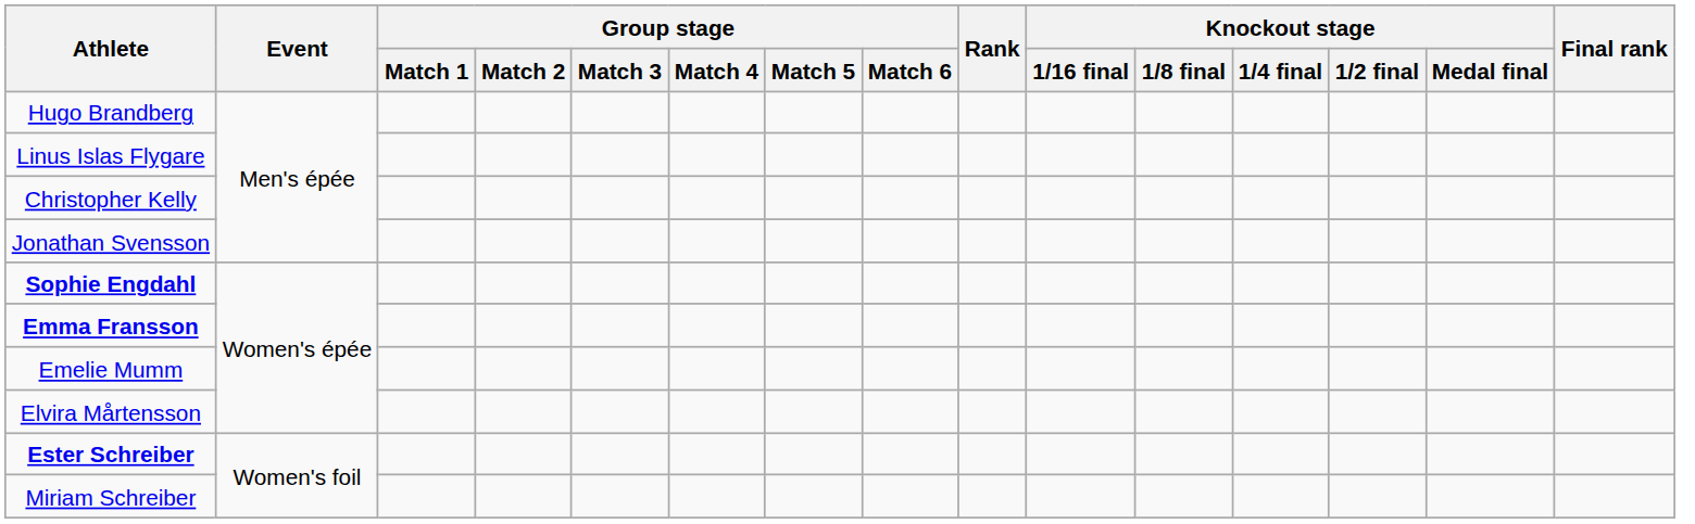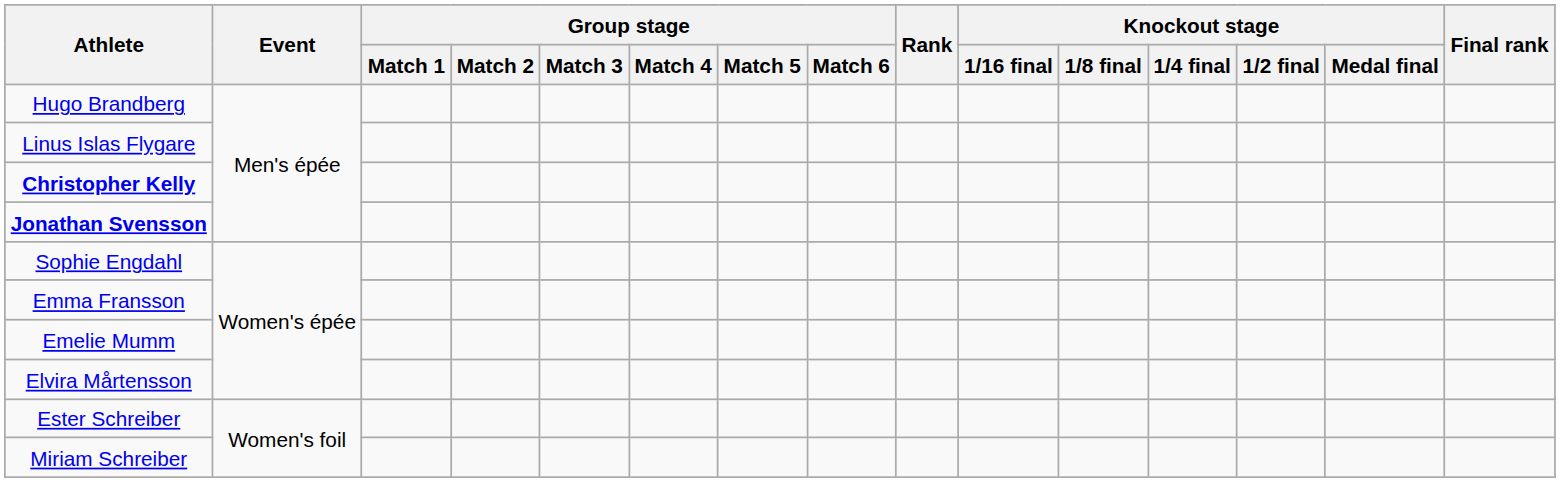 <table class=wikitable style=font-size:90%;text-align:center>
 <tr>
 <th rowspan="2"><small>Athlete</small></th>
 <th rowspan="2"><small>Event</small></th>
 <th colspan="6"><small>Group stage</small></th>
 <th rowspan="2"><small>Rank</small></th>
 <th colspan="5"><small>Knockout stage</small></th>
 <th rowspan="2"><small>Final rank</small></th>
 </tr>
 <tr>
 <th><small>Match 1</small></th>
 <th><small>Match 2</small></th>
 <th><small>Match 3</small></th>
 <th><small>Match 4</small></th>
 <th><small>Match 5</small></th>
 <th><small>Match 6</small></th>
 <th><small>1/16 final</small></th>
 <th><small>1/8 final</small></th>
 <th><small>1/4 final</small></th>
 <th><small>1/2 final</small></th>
 <th><small>Medal final</small></th>
 </tr>
 <tr>
 <td><small><a href='#'>Hugo Brandberg</a></small></td>
 <td rowspan="4"><small>Men's épée</small></td>
 <td></td>
 <td></td>
 <td></td>
 <td></td>
 <td></td>
 <td></td>
 <td></td>
 <td></td>
 <td></td>
 <td></td>
 <td></td>
 <td></td>
 <td></td>
 </tr>
 <tr>
 <td><small><a href='#'>Linus Islas Flygare</a></small></td>
 <td></td>
 <td></td>
 <td></td>
 <td></td>
 <td></td>
 <td></td>
 <td></td>
 <td></td>
 <td></td>
 <td></td>
 <td></td>
 <td></td>
 <td></td>
 </tr>
 <tr>
-<td><small><a href='#'>Christopher Kelly</a></small></td>
+<td><strong><small><a href='#'>Christopher Kelly</a></small></strong></td>
 <td></td>
 <td></td>
 <td></td>
 <td></td>
 <td></td>
 <td></td>
 <td></td>
 <td></td>
 <td></td>
 <td></td>
 <td></td>
 <td></td>
 <td></td>
 </tr>
 <tr>
-<td><small><a href='#'>Jonathan Svensson</a></small></td>
+<td><strong><small><a href='#'>Jonathan Svensson</a></small></strong></td>
 <td></td>
 <td></td>
 <td></td>
 <td></td>
 <td></td>
 <td></td>
 <td></td>
 <td></td>
 <td></td>
 <td></td>
 <td></td>
 <td></td>
 <td></td>
 </tr>
 <tr>
-<td><strong><small><a href='#'>Sophie Engdahl</a></small></strong></td>
+<td><small><a href='#'>Sophie Engdahl</a></small></td>
 <td rowspan="4"><small>Women's épée</small></td>
 <td></td>
 <td></td>
 <td></td>
 <td></td>
 <td></td>
 <td></td>
 <td></td>
 <td></td>
 <td></td>
 <td></td>
 <td></td>
 <td></td>
 <td></td>
 </tr>
 <tr>
-<td><strong><small><a href='#'>Emma Fransson</a></small></strong></td>
+<td><small><a href='#'>Emma Fransson</a></small></td>
 <td></td>
 <td></td>
 <td></td>
 <td></td>
 <td></td>
 <td></td>
 <td></td>
 <td></td>
 <td></td>
 <td></td>
 <td></td>
 <td></td>
 <td></td>
 </tr>
 <tr>
 <td><small><a href='#'>Emelie Mumm</a></small></td>
 <td></td>
 <td></td>
 <td></td>
 <td></td>
 <td></td>
 <td></td>
 <td></td>
 <td></td>
 <td></td>
 <td></td>
 <td></td>
 <td></td>
 <td></td>
 </tr>
 <tr>
 <td><small><a href='#'>Elvira Mårtensson</a></small></td>
 <td></td>
 <td></td>
 <td></td>
 <td></td>
 <td></td>
 <td></td>
 <td></td>
 <td></td>
 <td></td>
 <td></td>
 <td></td>
 <td></td>
 <td></td>
 </tr>
 <tr>
-<td><strong><small><a href='#'>Ester Schreiber</a></small></strong></td>
+<td><small><a href='#'>Ester Schreiber</a></small></td>
 <td rowspan="2"><small>Women's foil</small></td>
 <td></td>
 <td></td>
 <td></td>
 <td></td>
 <td></td>
 <td></td>
 <td></td>
 <td></td>
 <td></td>
 <td></td>
 <td></td>
 <td></td>
 <td></td>
 </tr>
 <tr>
 <td><small><a href='#'>Miriam Schreiber</a></small></td>
 <td></td>
 <td></td>
 <td></td>
 <td></td>
 <td></td>
 <td></td>
 <td></td>
 <td></td>
 <td></td>
 <td></td>
 <td></td>
 <td></td>
 <td></td>
 </tr>
 </table>
